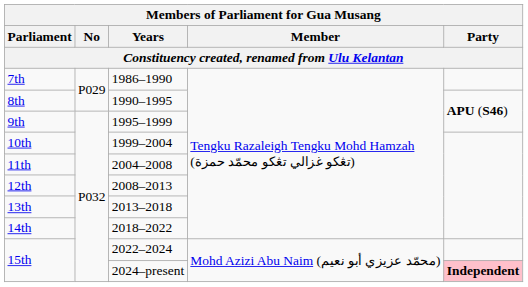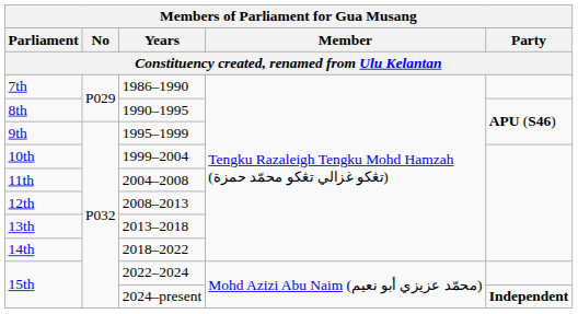 <table class=wikitable>
 <tr>
 <th colspan="5">Members of Parliament for Gua Musang</th>
 </tr>
 <tr>
 <th>Parliament</th>
 <th>No</th>
 <th>Years</th>
 <th>Member</th>
 <th>Party</th>
 </tr>
 <tr>
 <th colspan="5" align="center"><em>Constituency created, renamed from <a href='#'>Ulu Kelantan</a></em></th>
 </tr>
 <tr>
 <td><a href='#'>7th</a></td>
 <td rowspan="2">P029</td>
 <td>1986–1990</td>
 <td rowspan="8"><a href='#'>Tengku Razaleigh Tengku Mohd Hamzah</a> <br> (تڠكو غزالي تڠكو محمّد حمزة)</td>
 <td></td>
 </tr>
 <tr>
 <td><a href='#'>8th</a></td>
 <td>1990–1995</td>
 <td rowspan=2 bgcolor=><strong>APU</strong> (<strong>S46</strong>)</td>
 </tr>
 <tr>
 <td><a href='#'>9th</a></td>
 <td rowspan="8">P032</td>
 <td>1995–1999</td>
 </tr>
 <tr>
 <td><a href='#'>10th</a></td>
 <td>1999–2004</td>
 <td rowspan="5"></td>
 </tr>
 <tr>
 <td><a href='#'>11th</a></td>
 <td>2004–2008</td>
 </tr>
 <tr>
 <td><a href='#'>12th</a></td>
 <td>2008–2013</td>
 </tr>
 <tr>
 <td><a href='#'>13th</a></td>
 <td>2013–2018</td>
 </tr>
 <tr>
 <td><a href='#'>14th</a></td>
 <td>2018–2022</td>
 </tr>
 <tr>
 <td rowspan="2"><a href='#'>15th</a></td>
 <td>2022–2024</td>
 <td rowspan="2"><a href='#'>Mohd Azizi Abu Naim</a> (محمّد عزيزي أبو نعيم)</td>
 <td></td>
 </tr>
 <tr>
 <td>2024–present</td>
-<td style="background: pink;"><strong>Independent</strong></td>
+<td><strong>Independent</strong></td>
 </tr>
 </table>
